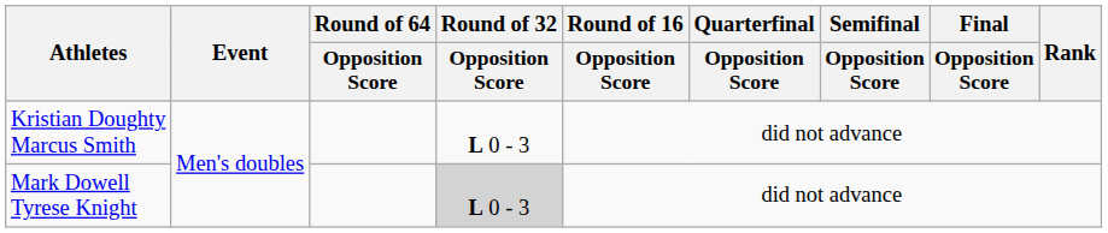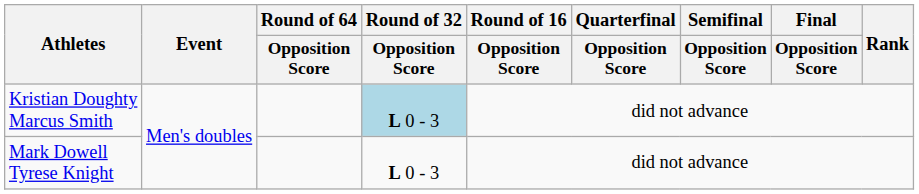 <table class="wikitable" style="font-size:90%">
 <tr>
 <th rowspan=2>Athletes</th>
 <th rowspan=2>Event</th>
 <th>Round of 64</th>
 <th>Round of 32</th>
 <th>Round of 16</th>
 <th>Quarterfinal</th>
 <th>Semifinal</th>
 <th>Final</th>
 <th rowspan=2>Rank</th>
 </tr>
 <tr style="font-size:95%">
 <th>Opposition<br>Score</th>
 <th>Opposition<br>Score</th>
 <th>Opposition<br>Score</th>
 <th>Opposition<br>Score</th>
 <th>Opposition<br>Score</th>
 <th>Opposition<br>Score</th>
 </tr>
 <tr align=center>
 <td align=left><a href='#'>Kristian Doughty</a><br><a href='#'>Marcus Smith</a></td>
 <td align=left rowspan=2><a href='#'>Men's doubles</a></td>
 <td></td>
-<td><br><strong>L</strong> 0 - 3</td>
+<td style="background: lightblue;"><br><strong>L</strong> 0 - 3</td>
 <td colspan=5>did not advance</td>
 </tr>
 <tr align=center>
 <td align=left><a href='#'>Mark Dowell</a><br><a href='#'>Tyrese Knight</a></td>
 <td></td>
-<td style="background: lightgrey;"><br><strong>L</strong> 0 - 3</td>
+<td><br><strong>L</strong> 0 - 3</td>
 <td colspan=5>did not advance</td>
 </tr>
 </table>
